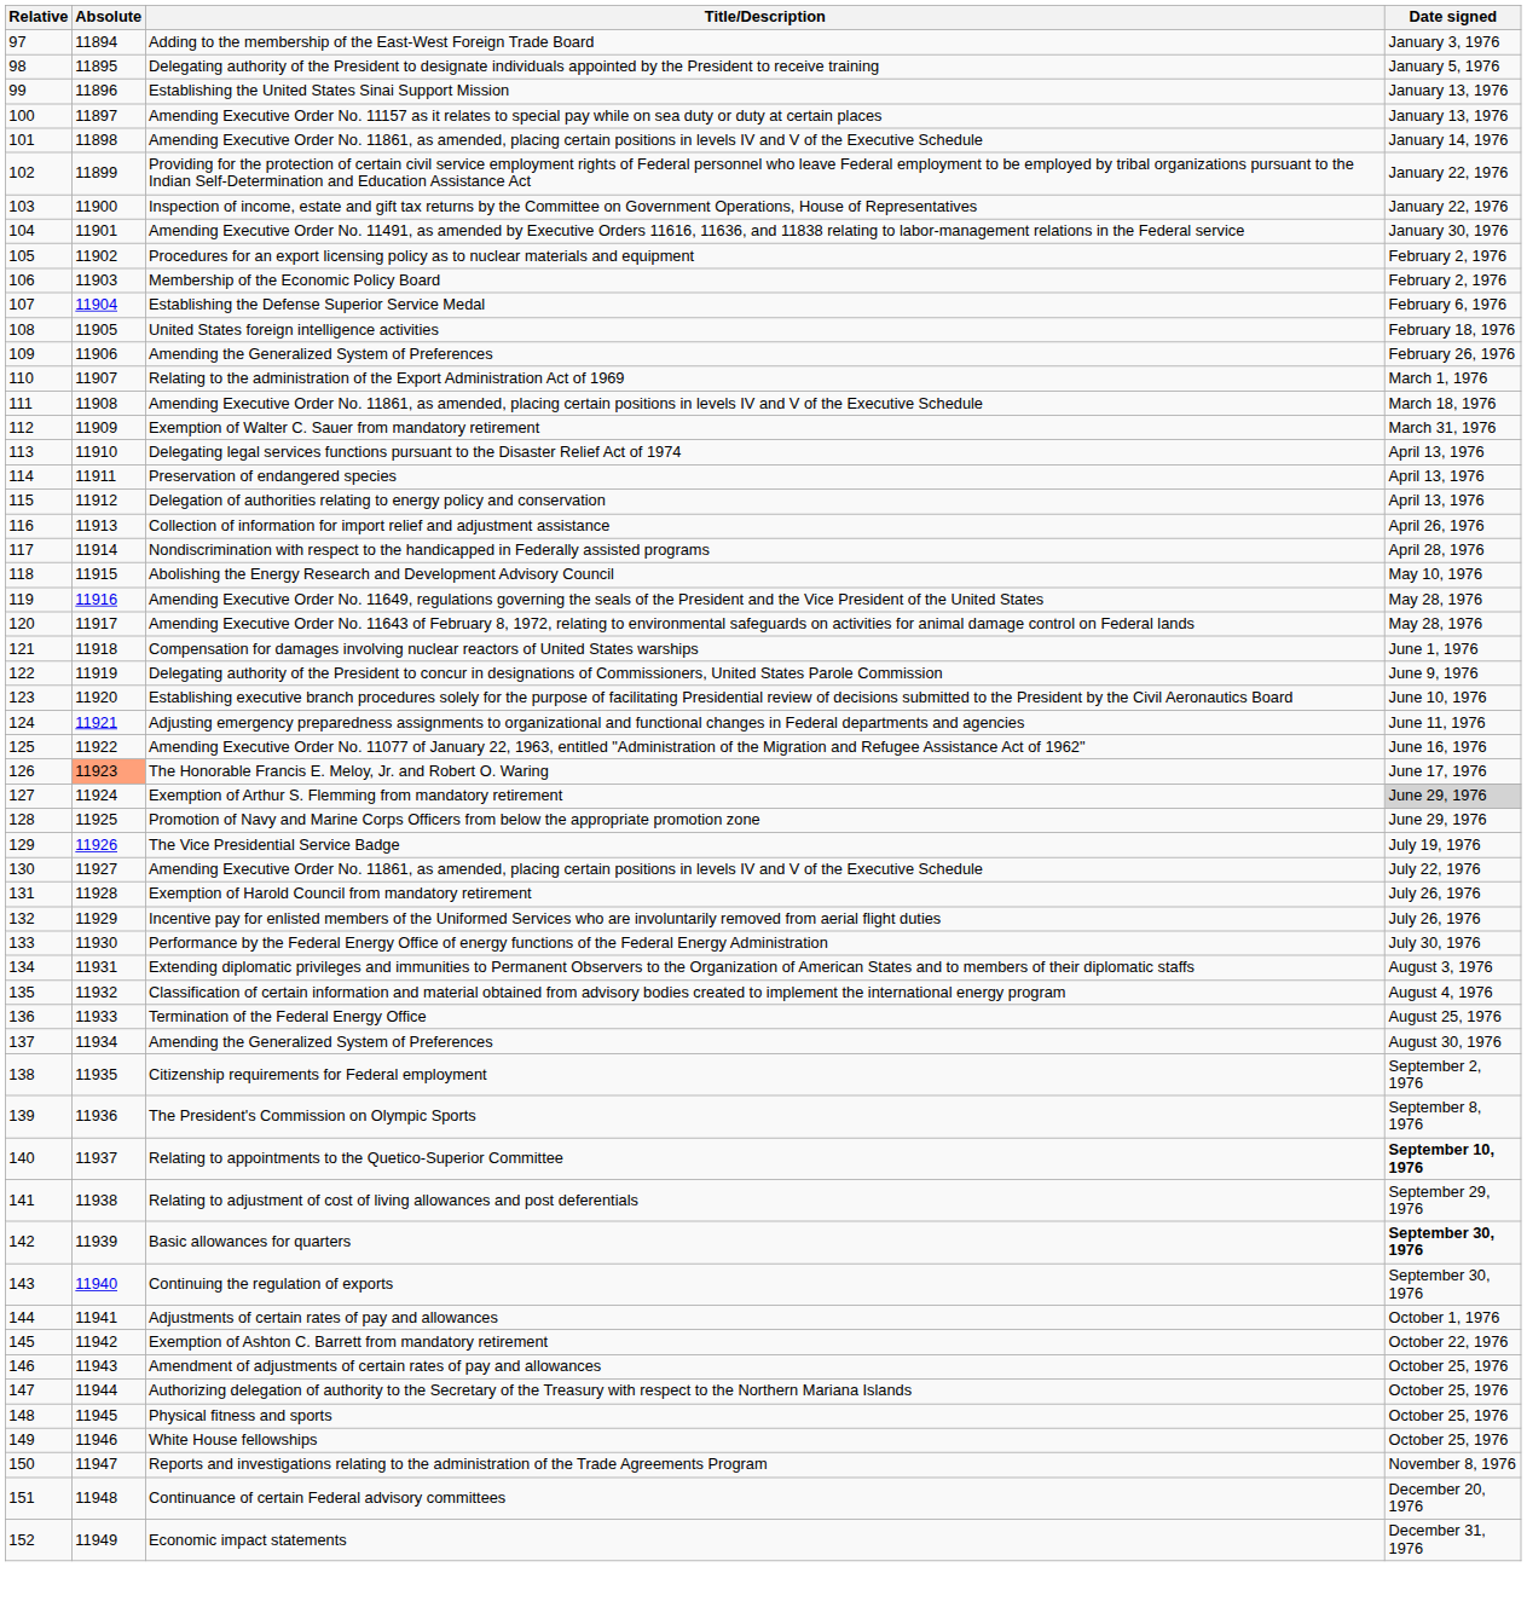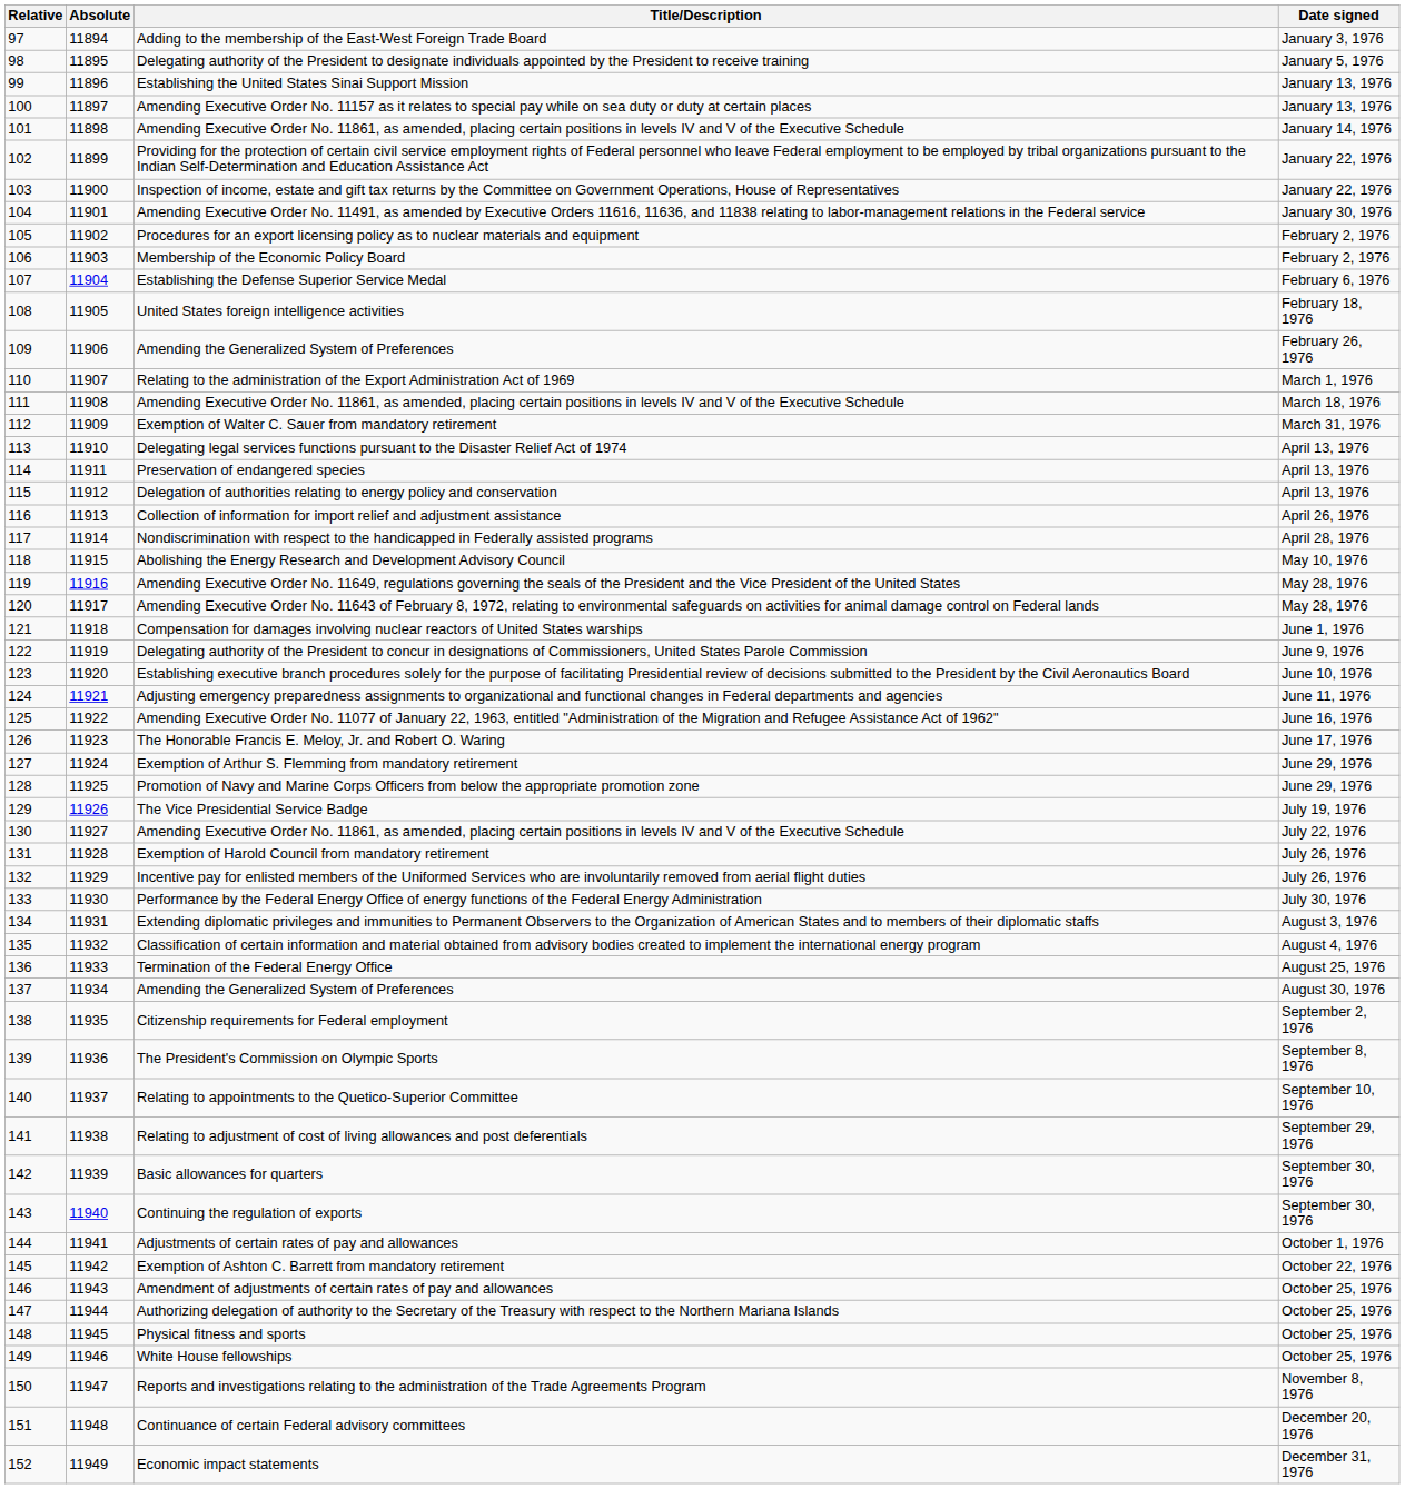 <table class="wikitable">
 <tr>
 <th>Relative </th>
 <th>Absolute </th>
 <th>Title/Description</th>
 <th>Date signed</th>
 </tr>
 <tr>
 <td>97</td>
 <td>11894</td>
 <td>Adding to the membership of the East-West Foreign Trade Board</td>
 <td>January 3, 1976</td>
 </tr>
 <tr>
 <td>98</td>
 <td>11895</td>
 <td>Delegating authority of the President to designate individuals appointed by the President to receive training</td>
 <td>January 5, 1976</td>
 </tr>
 <tr>
 <td>99</td>
 <td>11896</td>
 <td>Establishing the United States Sinai Support Mission</td>
 <td>January 13, 1976</td>
 </tr>
 <tr>
 <td>100</td>
 <td>11897</td>
 <td>Amending Executive Order No. 11157 as it relates to special pay while on sea duty or duty at certain places</td>
 <td>January 13, 1976</td>
 </tr>
 <tr>
 <td>101</td>
 <td>11898</td>
 <td>Amending Executive Order No. 11861, as amended, placing certain positions in levels IV and V of the Executive Schedule</td>
 <td>January 14, 1976</td>
 </tr>
 <tr>
 <td>102</td>
 <td>11899</td>
 <td>Providing for the protection of certain civil service employment rights of Federal personnel who leave Federal employment to be employed by tribal organizations pursuant to the Indian Self-Determination and Education Assistance Act</td>
 <td>January 22, 1976</td>
 </tr>
 <tr>
 <td>103</td>
 <td>11900</td>
 <td>Inspection of income, estate and gift tax returns by the Committee on Government Operations, House of Representatives</td>
 <td>January 22, 1976</td>
 </tr>
 <tr>
 <td>104</td>
 <td>11901</td>
 <td>Amending Executive Order No. 11491, as amended by Executive Orders 11616, 11636, and 11838 relating to labor-management relations in the Federal service</td>
 <td>January 30, 1976</td>
 </tr>
 <tr>
 <td>105</td>
 <td>11902</td>
 <td>Procedures for an export licensing policy as to nuclear materials and equipment</td>
 <td>February 2, 1976</td>
 </tr>
 <tr>
 <td>106</td>
 <td>11903</td>
 <td>Membership of the Economic Policy Board</td>
 <td>February 2, 1976</td>
 </tr>
 <tr>
 <td>107</td>
 <td><a href='#'>11904</a></td>
 <td>Establishing the Defense Superior Service Medal</td>
 <td>February 6, 1976</td>
 </tr>
 <tr>
 <td>108</td>
 <td>11905</td>
 <td>United States foreign intelligence activities</td>
 <td>February 18, 1976</td>
 </tr>
 <tr>
 <td>109</td>
 <td>11906</td>
 <td>Amending the Generalized System of Preferences</td>
 <td>February 26, 1976</td>
 </tr>
 <tr>
 <td>110</td>
 <td>11907</td>
 <td>Relating to the administration of the Export Administration Act of 1969</td>
 <td>March 1, 1976</td>
 </tr>
 <tr>
 <td>111</td>
 <td>11908</td>
 <td>Amending Executive Order No. 11861, as amended, placing certain positions in levels IV and V of the Executive Schedule</td>
 <td>March 18, 1976</td>
 </tr>
 <tr>
 <td>112</td>
 <td>11909</td>
 <td>Exemption of Walter C. Sauer from mandatory retirement</td>
 <td>March 31, 1976</td>
 </tr>
 <tr>
 <td>113</td>
 <td>11910</td>
 <td>Delegating legal services functions pursuant to the Disaster Relief Act of 1974</td>
 <td>April 13, 1976</td>
 </tr>
 <tr>
 <td>114</td>
 <td>11911</td>
 <td>Preservation of endangered species</td>
 <td>April 13, 1976</td>
 </tr>
 <tr>
 <td>115</td>
 <td>11912</td>
 <td>Delegation of authorities relating to energy policy and conservation</td>
 <td>April 13, 1976</td>
 </tr>
 <tr>
 <td>116</td>
 <td>11913</td>
 <td>Collection of information for import relief and adjustment assistance</td>
 <td>April 26, 1976</td>
 </tr>
 <tr>
 <td>117</td>
 <td>11914</td>
 <td>Nondiscrimination with respect to the handicapped in Federally assisted programs</td>
 <td>April 28, 1976</td>
 </tr>
 <tr>
 <td>118</td>
 <td>11915</td>
 <td>Abolishing the Energy Research and Development Advisory Council</td>
 <td>May 10, 1976</td>
 </tr>
 <tr>
 <td>119</td>
 <td><a href='#'>11916</a></td>
 <td>Amending Executive Order No. 11649, regulations governing the seals of the President and the Vice President of the United States</td>
 <td>May 28, 1976</td>
 </tr>
 <tr>
 <td>120</td>
 <td>11917</td>
 <td>Amending Executive Order No. 11643 of February 8, 1972, relating to environmental safeguards on activities for animal damage control on Federal lands</td>
 <td>May 28, 1976</td>
 </tr>
 <tr>
 <td>121</td>
 <td>11918</td>
 <td>Compensation for damages involving nuclear reactors of United States warships</td>
 <td>June 1, 1976</td>
 </tr>
 <tr>
 <td>122</td>
 <td>11919</td>
 <td>Delegating authority of the President to concur in designations of Commissioners, United States Parole Commission</td>
 <td>June 9, 1976</td>
 </tr>
 <tr>
 <td>123</td>
 <td>11920</td>
 <td>Establishing executive branch procedures solely for the purpose of facilitating Presidential review of decisions submitted to the President by the Civil Aeronautics Board</td>
 <td>June 10, 1976</td>
 </tr>
 <tr>
 <td>124</td>
 <td><a href='#'>11921</a></td>
 <td>Adjusting emergency preparedness assignments to organizational and functional changes in Federal departments and agencies</td>
 <td>June 11, 1976</td>
 </tr>
 <tr>
 <td>125</td>
 <td>11922</td>
 <td>Amending Executive Order No. 11077 of January 22, 1963, entitled "Administration of the Migration and Refugee Assistance Act of 1962"</td>
 <td>June 16, 1976</td>
 </tr>
 <tr>
 <td>126</td>
-<td style="background: lightsalmon;">11923</td>
+<td>11923</td>
 <td>The Honorable Francis E. Meloy, Jr. and Robert O. Waring</td>
 <td>June 17, 1976</td>
 </tr>
 <tr>
 <td>127</td>
 <td>11924</td>
 <td>Exemption of Arthur S. Flemming from mandatory retirement</td>
-<td style="background: lightgrey;">June 29, 1976</td>
+<td>June 29, 1976</td>
 </tr>
 <tr>
 <td>128</td>
 <td>11925</td>
 <td>Promotion of Navy and Marine Corps Officers from below the appropriate promotion zone</td>
 <td>June 29, 1976</td>
 </tr>
 <tr>
 <td>129</td>
 <td><a href='#'>11926</a></td>
 <td>The Vice Presidential Service Badge</td>
 <td>July 19, 1976</td>
 </tr>
 <tr>
 <td>130</td>
 <td>11927</td>
 <td>Amending Executive Order No. 11861, as amended, placing certain positions in levels IV and V of the Executive Schedule</td>
 <td>July 22, 1976</td>
 </tr>
 <tr>
 <td>131</td>
 <td>11928</td>
 <td>Exemption of Harold Council from mandatory retirement</td>
 <td>July 26, 1976</td>
 </tr>
 <tr>
 <td>132</td>
 <td>11929</td>
 <td>Incentive pay for enlisted members of the Uniformed Services who are involuntarily removed from aerial flight duties</td>
 <td>July 26, 1976</td>
 </tr>
 <tr>
 <td>133</td>
 <td>11930</td>
 <td>Performance by the Federal Energy Office of energy functions of the Federal Energy Administration</td>
 <td>July 30, 1976</td>
 </tr>
 <tr>
 <td>134</td>
 <td>11931</td>
 <td>Extending diplomatic privileges and immunities to Permanent Observers to the Organization of American States and to members of their diplomatic staffs</td>
 <td>August 3, 1976</td>
 </tr>
 <tr>
 <td>135</td>
 <td>11932</td>
 <td>Classification of certain information and material obtained from advisory bodies created to implement the international energy program</td>
 <td>August 4, 1976</td>
 </tr>
 <tr>
 <td>136</td>
 <td>11933</td>
 <td>Termination of the Federal Energy Office</td>
 <td>August 25, 1976</td>
 </tr>
 <tr>
 <td>137</td>
 <td>11934</td>
 <td>Amending the Generalized System of Preferences</td>
 <td>August 30, 1976</td>
 </tr>
 <tr>
 <td>138</td>
 <td>11935</td>
 <td>Citizenship requirements for Federal employment</td>
 <td>September 2, 1976</td>
 </tr>
 <tr>
 <td>139</td>
 <td>11936</td>
 <td>The President's Commission on Olympic Sports</td>
 <td>September 8, 1976</td>
 </tr>
 <tr>
 <td>140</td>
 <td>11937</td>
 <td>Relating to appointments to the Quetico-Superior Committee</td>
-<td><strong>September 10, 1976</strong></td>
+<td>September 10, 1976</td>
 </tr>
 <tr>
 <td>141</td>
 <td>11938</td>
 <td>Relating to adjustment of cost of living allowances and post deferentials</td>
 <td>September 29, 1976</td>
 </tr>
 <tr>
 <td>142</td>
 <td>11939</td>
 <td>Basic allowances for quarters</td>
-<td><strong>September 30, 1976</strong></td>
+<td>September 30, 1976</td>
 </tr>
 <tr>
 <td>143</td>
 <td><a href='#'>11940</a></td>
 <td>Continuing the regulation of exports</td>
 <td>September 30, 1976</td>
 </tr>
 <tr>
 <td>144</td>
 <td>11941</td>
 <td>Adjustments of certain rates of pay and allowances</td>
 <td>October 1, 1976</td>
 </tr>
 <tr>
 <td>145</td>
 <td>11942</td>
 <td>Exemption of Ashton C. Barrett from mandatory retirement</td>
 <td>October 22, 1976</td>
 </tr>
 <tr>
 <td>146</td>
 <td>11943</td>
 <td>Amendment of adjustments of certain rates of pay and allowances</td>
 <td>October 25, 1976</td>
 </tr>
 <tr>
 <td>147</td>
 <td>11944</td>
 <td>Authorizing delegation of authority to the Secretary of the Treasury with respect to the Northern Mariana Islands</td>
 <td>October 25, 1976</td>
 </tr>
 <tr>
 <td>148</td>
 <td>11945</td>
 <td>Physical fitness and sports</td>
 <td>October 25, 1976</td>
 </tr>
 <tr>
 <td>149</td>
 <td>11946</td>
 <td>White House fellowships</td>
 <td>October 25, 1976</td>
 </tr>
 <tr>
 <td>150</td>
 <td>11947</td>
 <td>Reports and investigations relating to the administration of the Trade Agreements Program</td>
 <td>November 8, 1976</td>
 </tr>
 <tr>
 <td>151</td>
 <td>11948</td>
 <td>Continuance of certain Federal advisory committees</td>
 <td>December 20, 1976</td>
 </tr>
 <tr>
 <td>152</td>
 <td>11949</td>
 <td>Economic impact statements</td>
 <td>December 31, 1976</td>
 </tr>
 </table>
